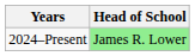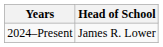 <table class="wikitable">
 <tr>
 <th align="center">Years</th>
 <th align="center">Head of School</th>
 </tr>
 <tr>
 <td>2024–Present</td>
-<td style="background: lightgreen;">James R. Lower</td>
+<td>James R. Lower</td>
 </tr>
 </table>
